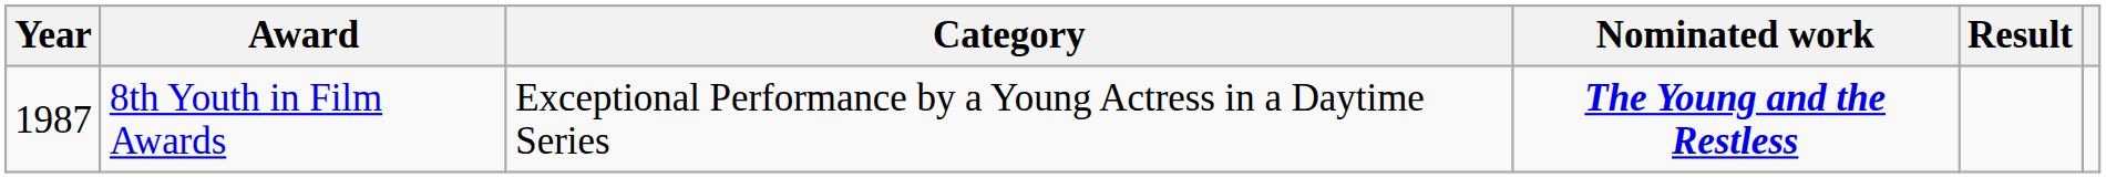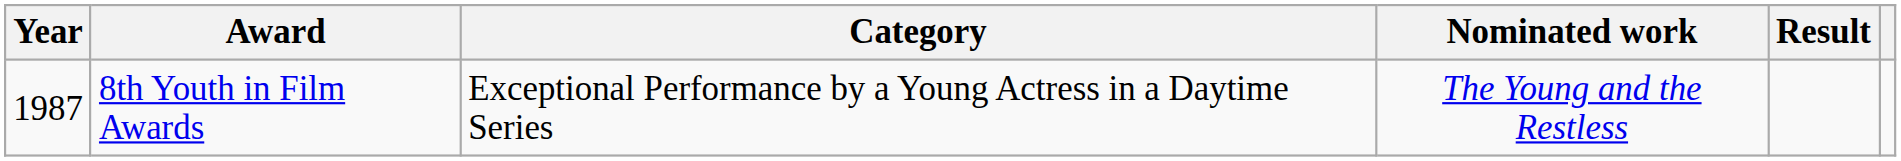 <table class="wikitable">
 <tr>
 <th>Year</th>
 <th>Award</th>
 <th>Category</th>
 <th>Nominated work</th>
 <th>Result</th>
 <th></th>
 </tr>
 <tr>
 <td style="text-align:center;" rowspan="2">1987</td>
 <td rowspan="2"><a href='#'>8th Youth in Film Awards</a></td>
 <td>Exceptional Performance by a Young Actress in a Daytime Series</td>
-<td style="text-align:center;"><strong><em><a href='#'>The Young and the Restless</a></em></strong></td>
+<td style="text-align:center;"><em><a href='#'>The Young and the Restless</a></em></td>
 <td></td>
 <td style="text-align:center;"></td>
 </tr>
 </table>
